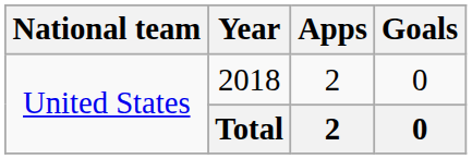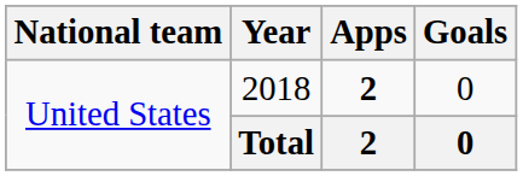 <table class="wikitable" style="text-align:center">
 <tr>
 <th>National team</th>
 <th>Year</th>
 <th>Apps</th>
 <th>Goals</th>
 </tr>
 <tr>
 <td rowspan="2"><a href='#'>United States</a></td>
 <td>2018</td>
-<td>2</td>
+<td><strong>2</strong></td>
 <td>0</td>
 </tr>
 <tr>
 <th colspan=1>Total</th>
 <th>2</th>
 <th>0</th>
 </tr>
 </table>
